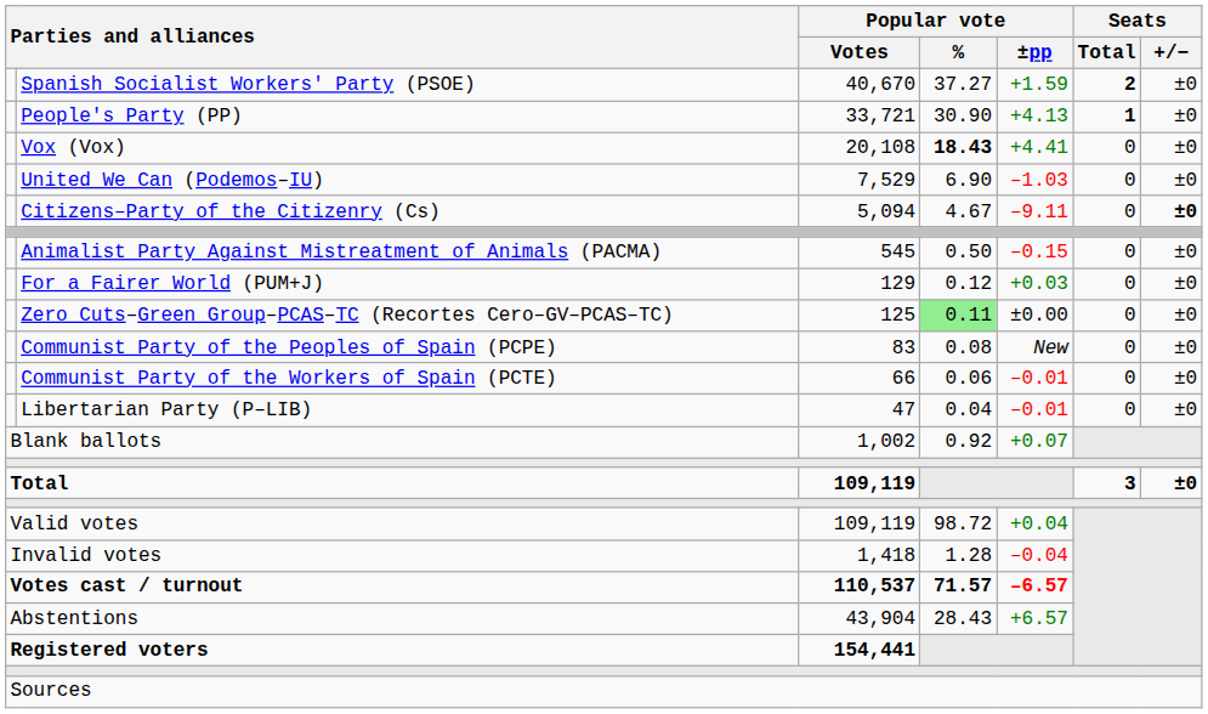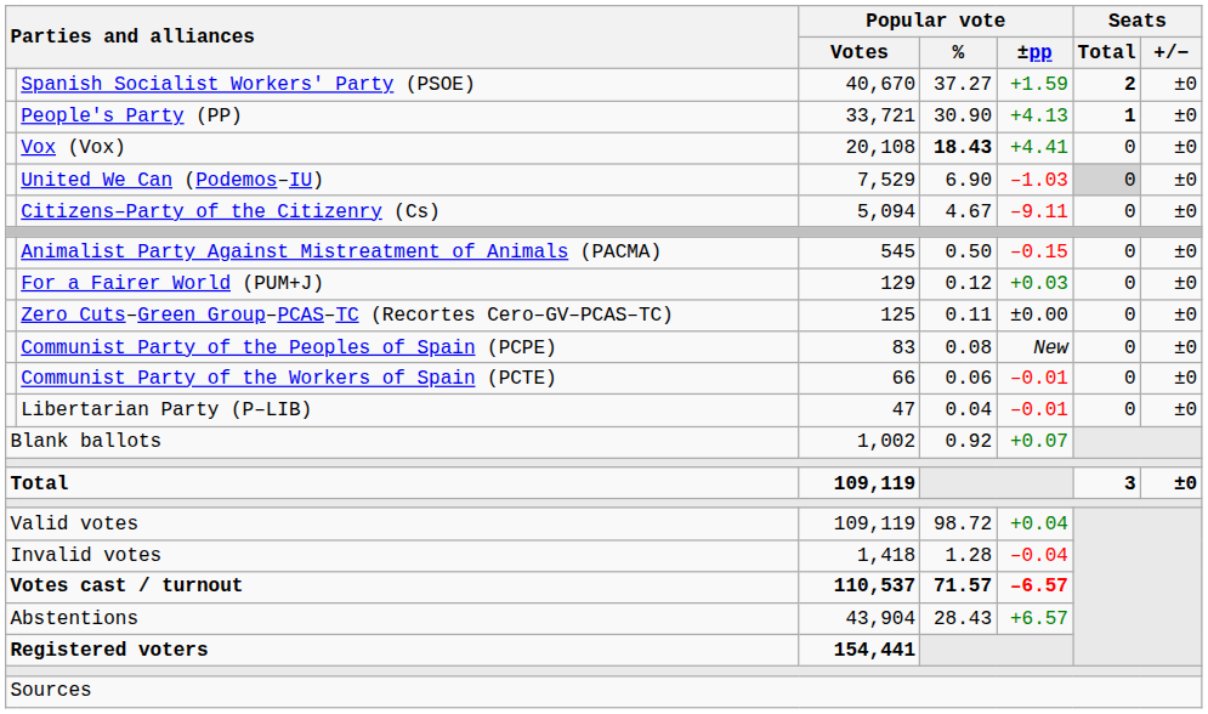 <table class="wikitable" style="text-align:right;">
 <tr>
 <th style="text-align:left;" rowspan="2" colspan="2" width="525">Parties and alliances</th>
 <th colspan="3">Popular vote</th>
 <th colspan="2">Seats</th>
 </tr>
 <tr>
 <th width="75">Votes</th>
 <th width="45">%</th>
 <th width="45">±<a href='#'>pp</a></th>
 <th width="35">Total</th>
 <th width="35">+/−</th>
 </tr>
 <tr>
 <td width="1" style="color:inherit;background:"></td>
 <td align="left"><a href='#'>Spanish Socialist Workers' Party</a> (PSOE)</td>
 <td>40,670</td>
 <td>37.27</td>
 <td style="color:green;">+1.59</td>
 <td><strong>2</strong></td>
 <td>±0</td>
 </tr>
 <tr>
 <td style="color:inherit;background:"></td>
 <td align="left"><a href='#'>People's Party</a> (PP)</td>
 <td>33,721</td>
 <td>30.90</td>
 <td style="color:green;">+4.13</td>
 <td><strong>1</strong></td>
 <td>±0</td>
 </tr>
 <tr>
 <td style="color:inherit;background:"></td>
 <td align="left"><a href='#'>Vox</a> (Vox)</td>
 <td>20,108</td>
 <td><strong>18.43</strong></td>
 <td style="color:green;">+4.41</td>
 <td>0</td>
 <td>±0</td>
 </tr>
 <tr>
 <td style="color:inherit;background:"></td>
 <td align="left"><a href='#'>United We Can</a> (<a href='#'>Podemos</a>–<a href='#'>IU</a>)</td>
 <td>7,529</td>
 <td>6.90</td>
 <td style="color:red;">–1.03</td>
-<td>0</td>
+<td style="background: lightgrey;">0</td>
 <td>±0</td>
 </tr>
 <tr>
 <td style="color:inherit;background:"></td>
 <td align="left"><a href='#'>Citizens–Party of the Citizenry</a> (Cs)</td>
 <td>5,094</td>
 <td>4.67</td>
 <td style="color:red;">–9.11</td>
 <td>0</td>
-<td><strong>±0</strong></td>
+<td>±0</td>
 </tr>
 <tr>
 <td colspan="7" bgcolor="#C0C0C0"></td>
 </tr>
 <tr>
 <td style="color:inherit;background:"></td>
 <td align="left"><a href='#'>Animalist Party Against Mistreatment of Animals</a> (PACMA)</td>
 <td>545</td>
 <td>0.50</td>
 <td style="color:red;">–0.15</td>
 <td>0</td>
 <td>±0</td>
 </tr>
 <tr>
 <td style="color:inherit;background:"></td>
 <td align="left"><a href='#'>For a Fairer World</a> (PUM+J)</td>
 <td>129</td>
 <td>0.12</td>
 <td style="color:green;">+0.03</td>
 <td>0</td>
 <td>±0</td>
 </tr>
 <tr>
 <td style="color:inherit;background:"></td>
 <td align="left"><a href='#'>Zero Cuts</a>–<a href='#'>Green Group</a>–<a href='#'>PCAS</a>–<a href='#'>TC</a> (Recortes Cero–GV–PCAS–TC)</td>
 <td>125</td>
-<td style="background: lightgreen;">0.11</td>
+<td>0.11</td>
 <td>±0.00</td>
 <td>0</td>
 <td>±0</td>
 </tr>
 <tr>
 <td style="color:inherit;background:"></td>
 <td align="left"><a href='#'>Communist Party of the Peoples of Spain</a> (PCPE)</td>
 <td>83</td>
 <td>0.08</td>
 <td><em>New</em></td>
 <td>0</td>
 <td>±0</td>
 </tr>
 <tr>
 <td style="color:inherit;background:"></td>
 <td align="left"><a href='#'>Communist Party of the Workers of Spain</a> (PCTE)</td>
 <td>66</td>
 <td>0.06</td>
 <td style="color:red;">–0.01</td>
 <td>0</td>
 <td>±0</td>
 </tr>
 <tr>
 <td style="color:inherit;background:"></td>
 <td align="left">Libertarian Party (P–LIB)</td>
 <td>47</td>
 <td>0.04</td>
 <td style="color:red;">–0.01</td>
 <td>0</td>
 <td>±0</td>
 </tr>
 <tr>
 <td align="left" colspan="2">Blank ballots</td>
 <td>1,002</td>
 <td>0.92</td>
 <td style="color:green;">+0.07</td>
 <td bgcolor="#E9E9E9" colspan="2"></td>
 </tr>
 <tr>
 <td colspan="7" bgcolor="#E9E9E9"></td>
 </tr>
 <tr style="font-weight:bold;">
 <td align="left" colspan="2">Total</td>
 <td>109,119</td>
 <td bgcolor="#E9E9E9" colspan="2"></td>
 <td>3</td>
 <td>±0</td>
 </tr>
 <tr>
 <td colspan="7" bgcolor="#E9E9E9"></td>
 </tr>
 <tr>
 <td align="left" colspan="2">Valid votes</td>
 <td>109,119</td>
 <td>98.72</td>
 <td style="color:green;">+0.04</td>
 <td bgcolor="#E9E9E9" colspan="2" rowspan="5"></td>
 </tr>
 <tr>
 <td align="left" colspan="2">Invalid votes</td>
 <td>1,418</td>
 <td>1.28</td>
 <td style="color:red;">–0.04</td>
 </tr>
 <tr style="font-weight:bold;">
 <td align="left" colspan="2">Votes cast / turnout</td>
 <td>110,537</td>
 <td>71.57</td>
 <td style="color:red;">–6.57</td>
 </tr>
 <tr>
 <td align="left" colspan="2">Abstentions</td>
 <td>43,904</td>
 <td>28.43</td>
 <td style="color:green;">+6.57</td>
 </tr>
 <tr style="font-weight:bold;">
 <td align="left" colspan="2">Registered voters</td>
 <td>154,441</td>
 <td bgcolor="#E9E9E9" colspan="2"></td>
 </tr>
 <tr>
 <td colspan="7" bgcolor="#E9E9E9"></td>
 </tr>
 <tr>
 <td align="left" colspan="7">Sources</td>
 </tr>
 </table>
